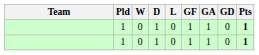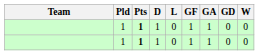 <table class="wikitable" style="text-align: center;">
 <tr>
 <th width=175>Team</th>
 <th width=20>Pld</th>
-<th width=20>W</th>
+<th width=20>Pts</th>
 <th width=20>D</th>
 <th width=20>L</th>
 <th width=20>GF</th>
 <th width=20>GA</th>
 <th width=20>GD</th>
-<th width=20>Pts</th>
+<th width=20>W</th>
 </tr>
 <tr bgcolor=ccffcc>
 <td style="text-align:left;"></td>
 <td>1</td>
-<td>0</td>
+<td><strong>1</strong></td>
 <td>1</td>
 <td>0</td>
 <td>1</td>
 <td>1</td>
 <td>0</td>
-<td><strong>1</strong></td>
+<td>0</td>
 </tr>
 <tr bgcolor=ccffcc>
 <td style="text-align:left;"></td>
 <td>1</td>
-<td>0</td>
+<td><strong>1</strong></td>
 <td>1</td>
 <td>0</td>
 <td>1</td>
 <td>1</td>
 <td>0</td>
-<td><strong>1</strong></td>
+<td>0</td>
 </tr>
 </table>
